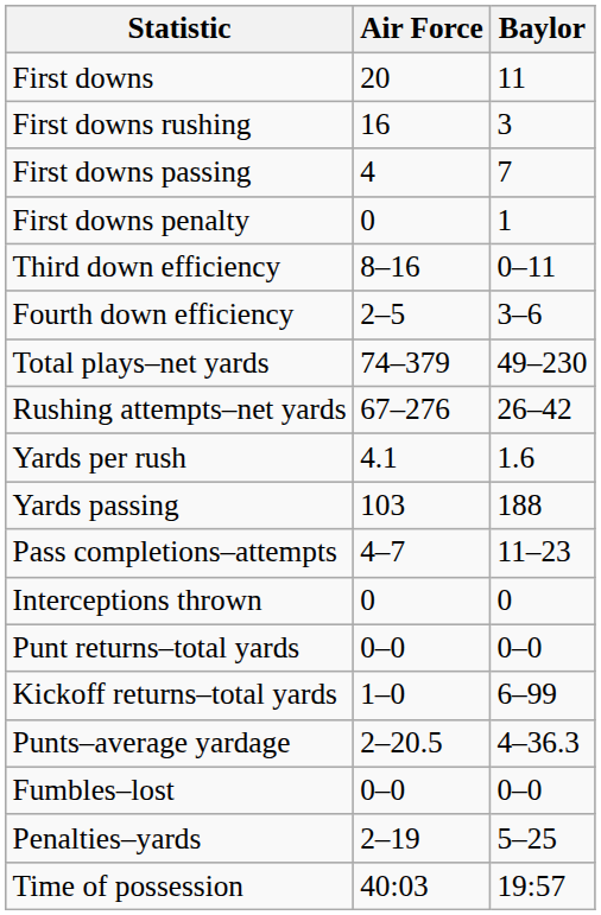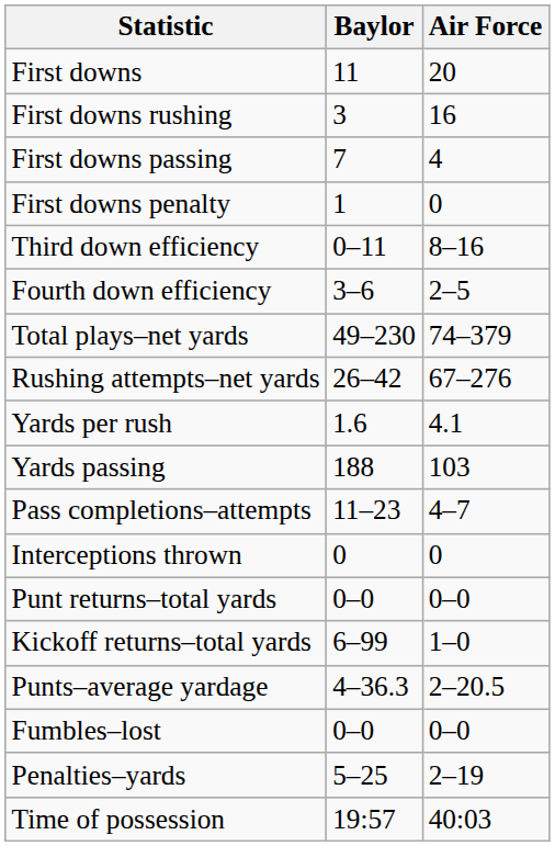 <table class="wikitable">
 <tr>
 <th>Statistic</th>
+<th><strong>Baylor</strong></th>
 <th><strong>Air Force</strong></th>
-<th><strong>Baylor</strong></th>
 </tr>
 <tr>
 <td>First downs</td>
+<td>11</td>
 <td>20</td>
-<td>11</td>
 </tr>
 <tr>
 <td>First downs rushing</td>
+<td>3</td>
 <td>16</td>
-<td>3</td>
 </tr>
 <tr>
 <td>First downs passing</td>
+<td>7</td>
 <td>4</td>
-<td>7</td>
 </tr>
 <tr>
 <td>First downs penalty</td>
+<td>1</td>
 <td>0</td>
-<td>1</td>
 </tr>
 <tr>
 <td>Third down efficiency</td>
+<td>0–11</td>
 <td>8–16</td>
-<td>0–11</td>
 </tr>
 <tr>
 <td>Fourth down efficiency</td>
+<td>3–6</td>
 <td>2–5</td>
-<td>3–6</td>
 </tr>
 <tr>
 <td>Total plays–net yards</td>
+<td>49–230</td>
 <td>74–379</td>
-<td>49–230</td>
 </tr>
 <tr>
 <td>Rushing attempts–net yards</td>
+<td>26–42</td>
 <td>67–276</td>
-<td>26–42</td>
 </tr>
 <tr>
 <td>Yards per rush</td>
+<td>1.6</td>
 <td>4.1</td>
-<td>1.6</td>
 </tr>
 <tr>
 <td>Yards passing</td>
+<td>188</td>
 <td>103</td>
-<td>188</td>
 </tr>
 <tr>
 <td>Pass completions–attempts</td>
+<td>11–23</td>
 <td>4–7</td>
-<td>11–23</td>
 </tr>
 <tr>
 <td>Interceptions thrown</td>
 <td>0</td>
 <td>0</td>
 </tr>
 <tr>
 <td>Punt returns–total yards</td>
 <td>0–0</td>
 <td>0–0</td>
 </tr>
 <tr>
 <td>Kickoff returns–total yards</td>
+<td>6–99</td>
 <td>1–0</td>
-<td>6–99</td>
 </tr>
 <tr>
 <td>Punts–average yardage</td>
+<td>4–36.3</td>
 <td>2–20.5</td>
-<td>4–36.3</td>
 </tr>
 <tr>
 <td>Fumbles–lost</td>
 <td>0–0</td>
 <td>0–0</td>
 </tr>
 <tr>
 <td>Penalties–yards</td>
+<td>5–25</td>
 <td>2–19</td>
-<td>5–25</td>
 </tr>
 <tr>
 <td>Time of possession</td>
+<td>19:57</td>
 <td>40:03</td>
-<td>19:57</td>
 </tr>
 </table>
